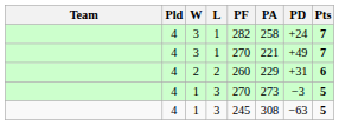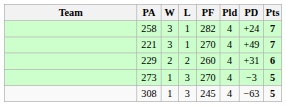 <table class="wikitable" style="text-align:center;">
 <tr>
 <th width=200>Team</th>
-<th width=20>Pld</th>
+<th width=30>PA</th>
 <th width=20>W</th>
 <th width=20>L</th>
 <th width=30>PF</th>
-<th width=30>PA</th>
+<th width=20>Pld</th>
 <th width=30>PD</th>
 <th width=20>Pts</th>
 </tr>
 <tr bgcolor=ccffcc>
 <td align=left></td>
-<td>4</td>
+<td>258</td>
 <td>3</td>
 <td>1</td>
 <td>282</td>
-<td>258</td>
+<td>4</td>
 <td>+24</td>
 <td><strong>7</strong></td>
 </tr>
 <tr bgcolor=ccffcc>
 <td align=left></td>
-<td>4</td>
+<td>221</td>
 <td>3</td>
 <td>1</td>
 <td>270</td>
-<td>221</td>
+<td>4</td>
 <td>+49</td>
 <td><strong>7</strong></td>
 </tr>
 <tr bgcolor=ccffcc>
 <td align=left></td>
-<td>4</td>
+<td>229</td>
 <td>2</td>
 <td>2</td>
 <td>260</td>
-<td>229</td>
+<td>4</td>
 <td>+31</td>
 <td><strong>6</strong></td>
 </tr>
 <tr bgcolor=ccffcc>
 <td align=left></td>
-<td>4</td>
+<td>273</td>
 <td>1</td>
 <td>3</td>
 <td>270</td>
-<td>273</td>
+<td>4</td>
 <td>−3</td>
 <td><strong>5</strong></td>
 </tr>
 <tr>
 <td align=left></td>
-<td>4</td>
+<td>308</td>
 <td>1</td>
 <td>3</td>
 <td>245</td>
-<td>308</td>
+<td>4</td>
 <td>−63</td>
 <td><strong>5</strong></td>
 </tr>
 </table>
